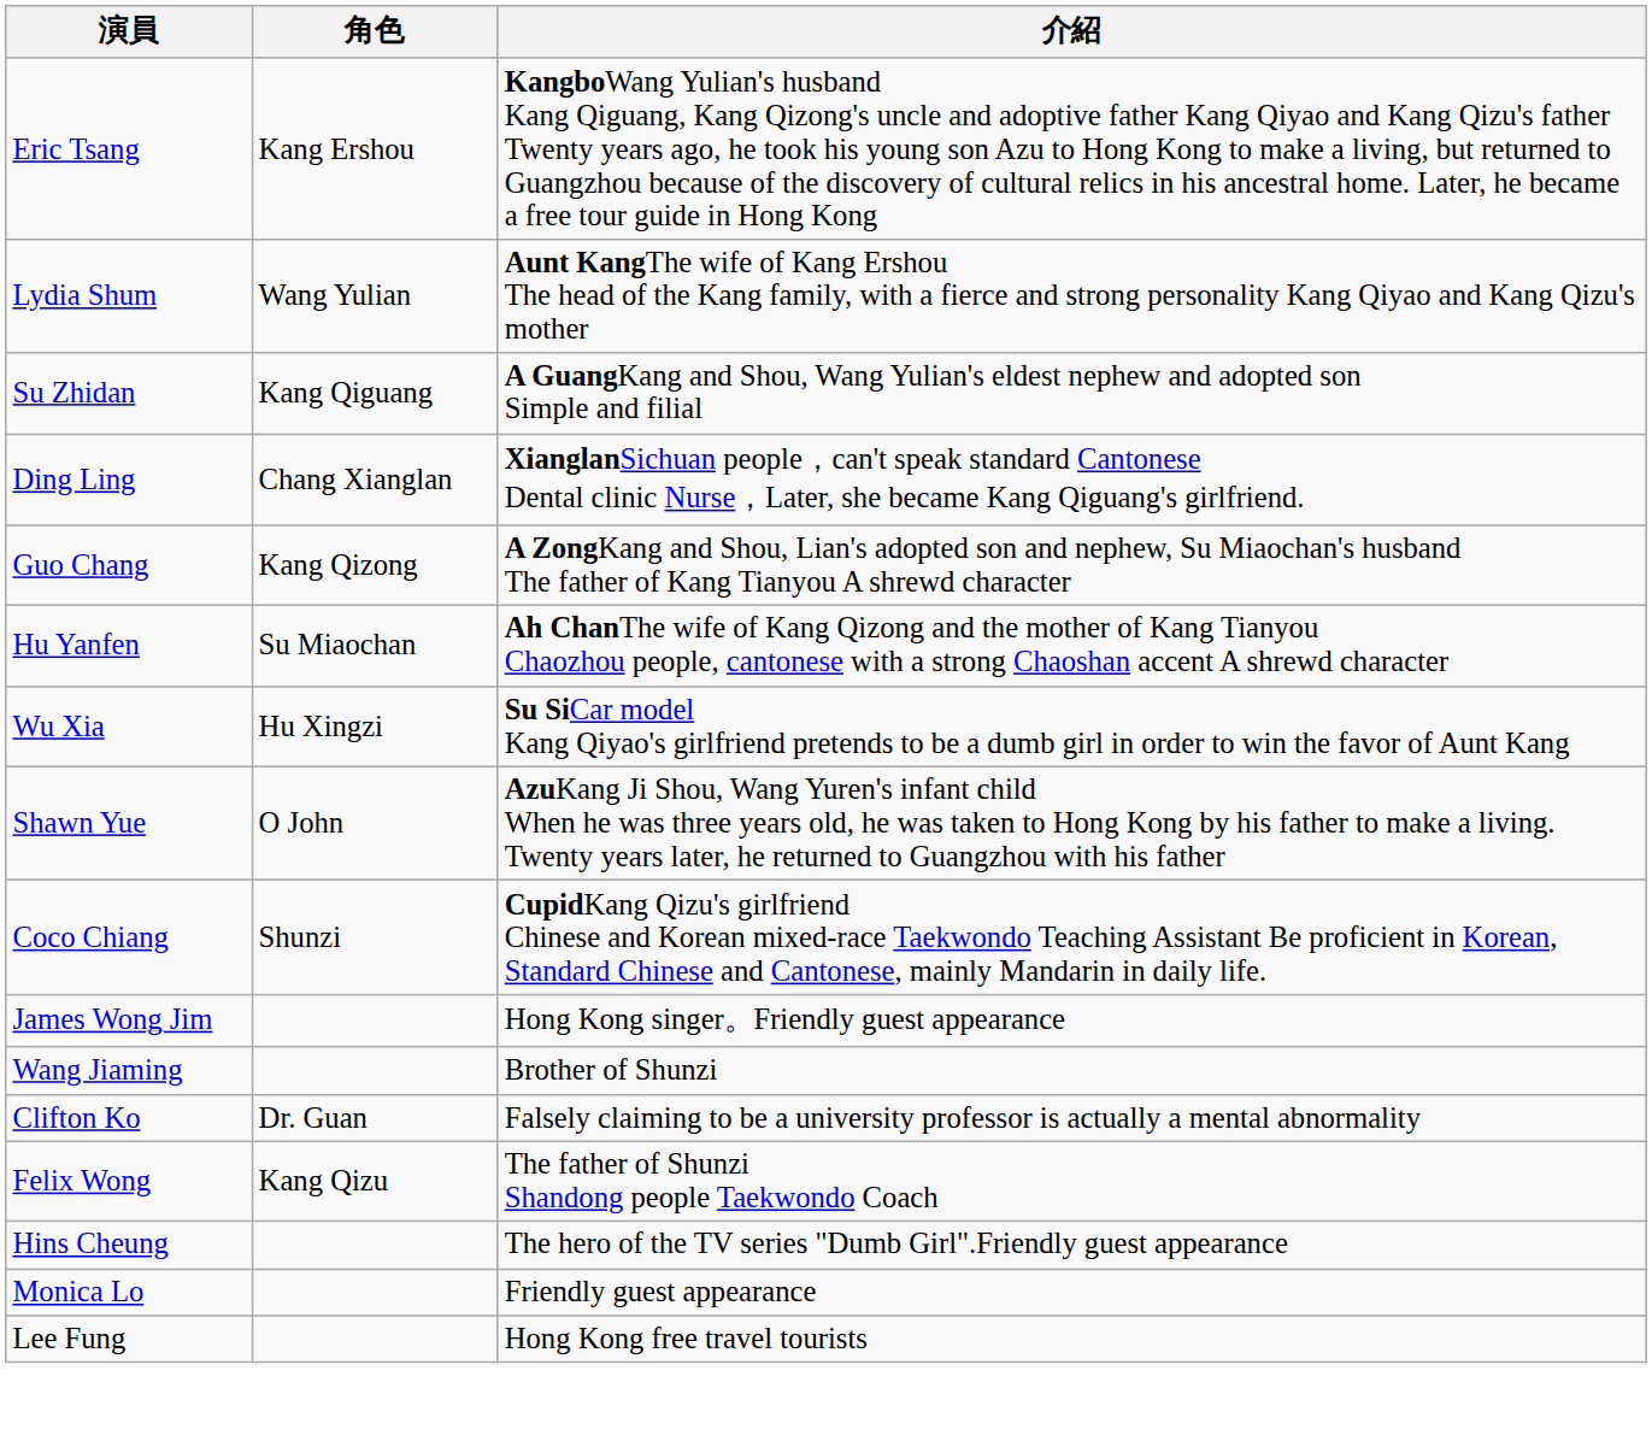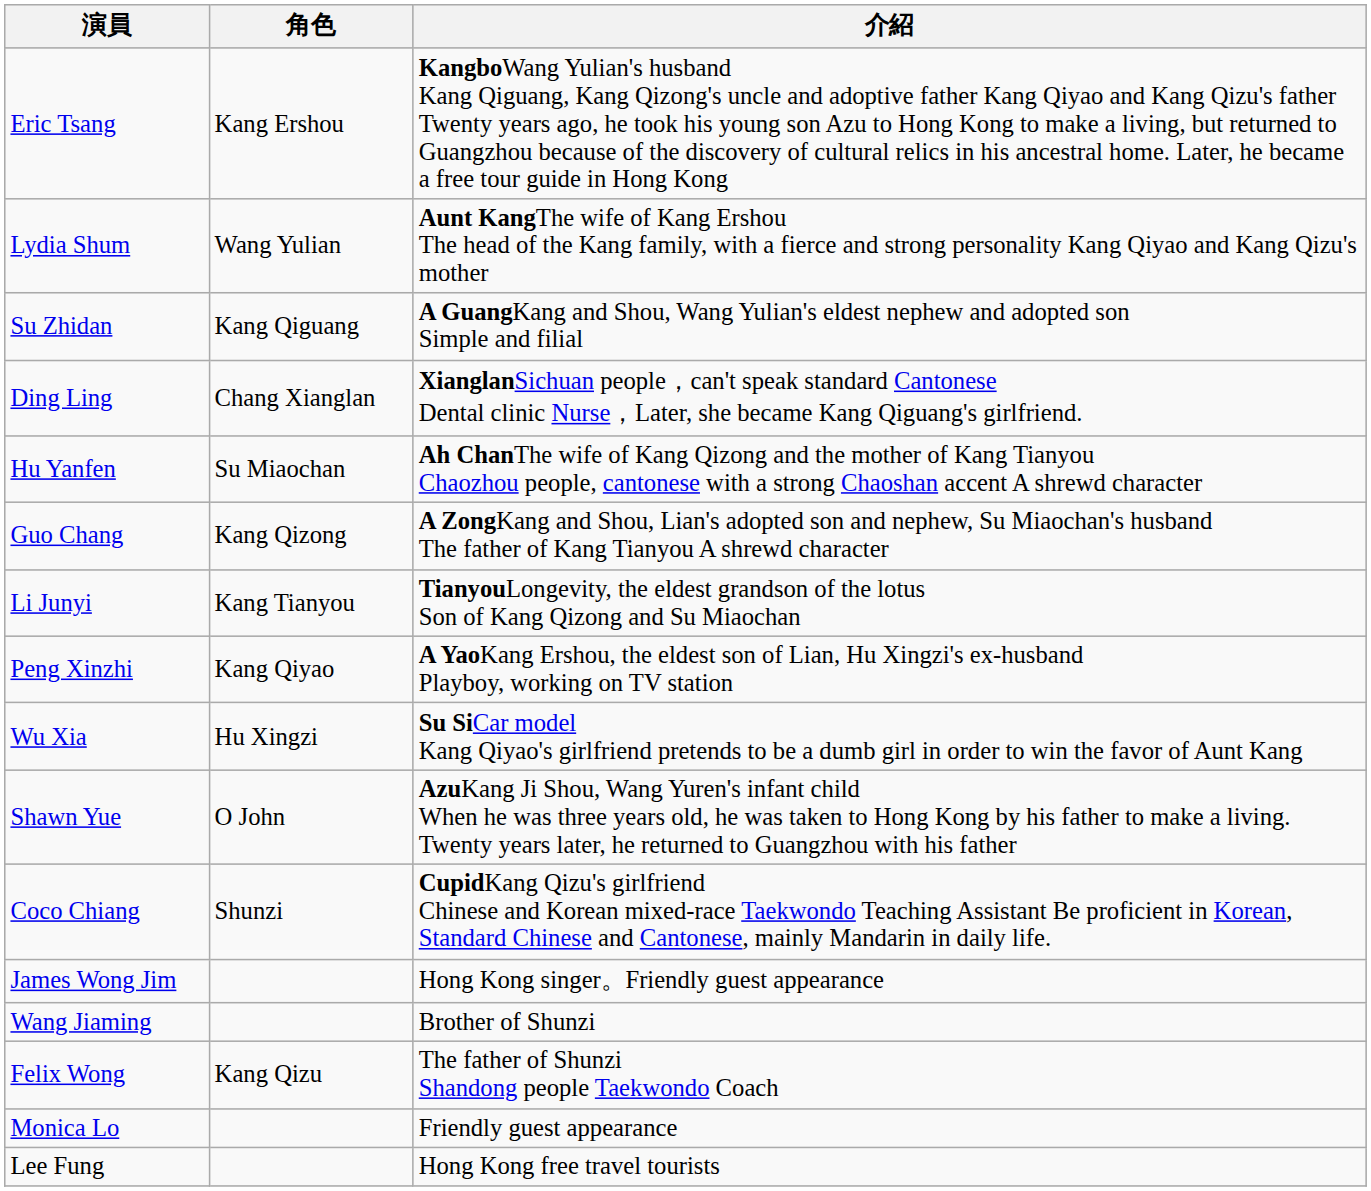 <table class="wikitable" width="70%">
 <tr>
 <th style="width:15%">演員</th>
 <th style="width:15%">角色</th>
 <th>介紹</th>
 </tr>
 <tr>
 <td><a href='#'>Eric Tsang</a></td>
 <td>Kang Ershou</td>
 <td><strong>Kangbo</strong>Wang Yulian's husband<br>Kang Qiguang, Kang Qizong's uncle and adoptive father Kang Qiyao and Kang Qizu's father Twenty years ago, he took his young son Azu to Hong Kong to make a living, but returned to Guangzhou because of the discovery of cultural relics in his ancestral home. Later, he became a free tour guide in Hong Kong</td>
 </tr>
 <tr>
 <td><a href='#'>Lydia Shum</a></td>
 <td>Wang Yulian</td>
 <td><strong>Aunt Kang</strong>The wife of Kang Ershou<br>The head of the Kang family, with a fierce and strong personality Kang Qiyao and Kang Qizu's mother</td>
 </tr>
 <tr>
 <td><a href='#'>Su Zhidan</a></td>
 <td>Kang Qiguang</td>
 <td><strong>A Guang</strong>Kang and Shou, Wang Yulian's eldest nephew and adopted son<br>Simple and filial</td>
 </tr>
 <tr>
 <td><a href='#'>Ding Ling</a></td>
 <td>Chang Xianglan</td>
 <td><strong>Xianglan</strong><a href='#'>Sichuan</a> people，can't speak standard <a href='#'>Cantonese</a><br>Dental clinic <a href='#'>Nurse</a>，Later, she became Kang Qiguang's girlfriend.</td>
 </tr>
 <tr>
+<td><a href='#'>Hu Yanfen</a></td>
+<td>Su Miaochan</td>
+<td><strong>Ah Chan</strong>The wife of Kang Qizong and the mother of Kang Tianyou<br><a href='#'>Chaozhou</a> people, <a href='#'>cantonese</a> with a strong <a href='#'>Chaoshan</a> accent A shrewd character</td>
+</tr>
+<tr>
 <td><a href='#'>Guo Chang</a></td>
 <td>Kang Qizong</td>
 <td><strong>A Zong</strong>Kang and Shou, Lian's adopted son and nephew, Su Miaochan's husband<br>The father of Kang Tianyou A shrewd character</td>
 </tr>
 <tr>
-<td><a href='#'>Hu Yanfen</a></td>
-<td>Su Miaochan</td>
-<td><strong>Ah Chan</strong>The wife of Kang Qizong and the mother of Kang Tianyou<br><a href='#'>Chaozhou</a> people, <a href='#'>cantonese</a> with a strong <a href='#'>Chaoshan</a> accent A shrewd character</td>
+<td><a href='#'>Li Junyi</a></td>
+<td>Kang Tianyou</td>
+<td><strong>Tianyou</strong>Longevity, the eldest grandson of the lotus<br>Son of Kang Qizong and Su Miaochan</td>
+</tr>
+<tr>
+<td><a href='#'>Peng Xinzhi</a></td>
+<td>Kang Qiyao</td>
+<td><strong>A Yao</strong>Kang Ershou, the eldest son of Lian, Hu Xingzi's ex-husband<br>Playboy, working on TV station</td>
 </tr>
 <tr>
 <td><a href='#'>Wu Xia</a></td>
 <td>Hu Xingzi</td>
 <td><strong>Su Si</strong><a href='#'>Car model</a><br>Kang Qiyao's girlfriend pretends to be a dumb girl in order to win the favor of Aunt Kang</td>
 </tr>
 <tr>
 <td><a href='#'>Shawn Yue</a></td>
 <td>O John</td>
 <td><strong>Azu</strong>Kang Ji Shou, Wang Yuren's infant child<br>When he was three years old, he was taken to Hong Kong by his father to make a living. Twenty years later, he returned to Guangzhou with his father</td>
 </tr>
 <tr>
 <td><a href='#'>Coco Chiang</a></td>
 <td>Shunzi</td>
 <td><strong>Cupid</strong>Kang Qizu's girlfriend<br>Chinese and Korean mixed-race <a href='#'>Taekwondo</a> Teaching Assistant Be proficient in <a href='#'>Korean</a>, <a href='#'>Standard Chinese</a> and <a href='#'>Cantonese</a>, mainly Mandarin in daily life.</td>
 </tr>
 <tr>
 <td><a href='#'>James Wong Jim</a></td>
 <td></td>
 <td>Hong Kong singer。Friendly guest appearance</td>
 </tr>
 <tr>
 <td><a href='#'>Wang Jiaming</a></td>
 <td></td>
 <td>Brother of Shunzi</td>
 </tr>
 <tr>
-<td><a href='#'>Clifton Ko</a></td>
-<td>Dr. Guan</td>
-<td>Falsely claiming to be a university professor is actually a mental abnormality</td>
-</tr>
-<tr>
 <td><a href='#'>Felix Wong</a></td>
 <td>Kang Qizu</td>
 <td>The father of Shunzi<br><a href='#'>Shandong</a> people <a href='#'>Taekwondo</a> Coach</td>
-</tr>
-<tr>
-<td><a href='#'>Hins Cheung</a></td>
-<td></td>
-<td>The hero of the TV series "Dumb Girl".Friendly guest appearance</td>
 </tr>
 <tr>
 <td><a href='#'>Monica Lo</a></td>
 <td></td>
 <td>Friendly guest appearance</td>
 </tr>
 <tr>
 <td>Lee Fung</td>
 <td></td>
 <td>Hong Kong free travel tourists</td>
 </tr>
 </table>
